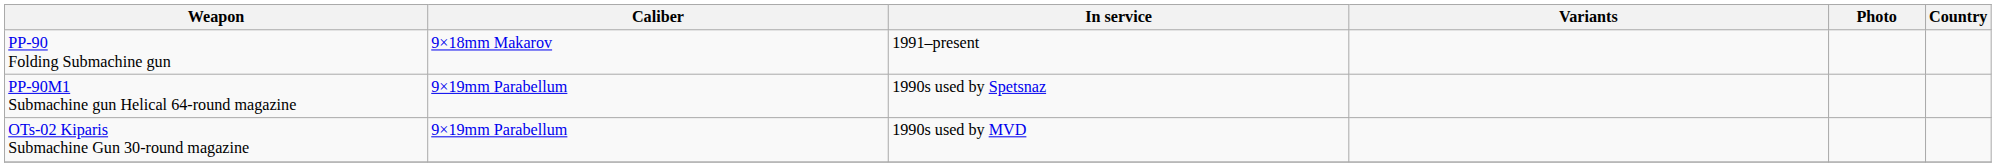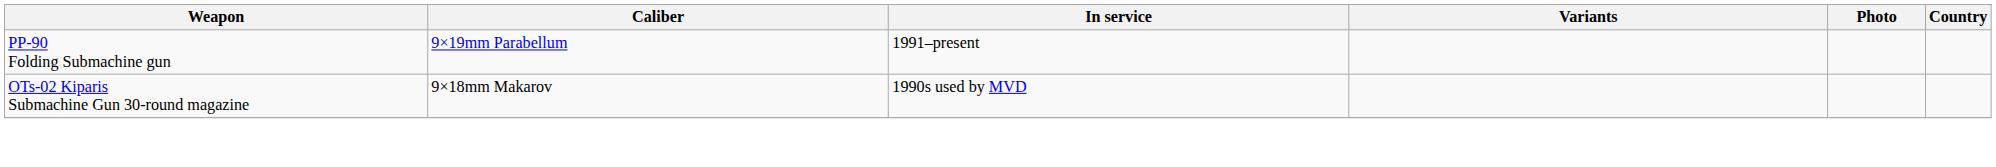 <table class="wikitable">
 <tr>
 <th style="width:22%;", align=left>Weapon</th>
 <th style="width:24%;", align=left>Caliber</th>
 <th style="width:24%;", align=left>In service</th>
 <th style="width:25%;", align=left>Variants</th>
 <th style="width:29%;">Photo</th>
 <th style="width:16%;", align=left>Country</th>
 </tr>
 <tr>
 <td align=left, valign=top><a href='#'>PP-90</a><br>Folding Submachine gun</td>
-<td align=left, valign=top><a href='#'>9×18mm Makarov</a></td>
+<td align=left, valign=top><a href='#'>9×19mm Parabellum</a></td>
 <td align=left, valign=top>1991–present</td>
 <td align=left, valign=top></td>
 <td align=center></td>
 <td><br></td>
 </tr>
 <tr>
-<td align=left, valign=top><a href='#'>PP-90M1</a><br>Submachine gun Helical 64-round magazine</td>
-<td align=left, valign=top><a href='#'>9×19mm Parabellum</a></td>
-<td align=left, valign=top>1990s used by <a href='#'>Spetsnaz</a></td>
-<td align=left, valign=top></td>
-<td align=center></td>
-<td></td>
-</tr>
-<tr>
 <td align=left, valign=top><a href='#'>OTs-02 Kiparis</a><br>Submachine Gun 30-round magazine</td>
-<td align=left, valign=top><a href='#'>9×19mm Parabellum</a></td>
+<td align=left, valign=top>9×18mm Makarov</td>
 <td align=left, valign=top>1990s used by <a href='#'>MVD</a></td>
 <td align=left, valign=top></td>
 <td align=center></td>
 <td></td>
 </tr>
 <tr>
 </tr>
 </table>
